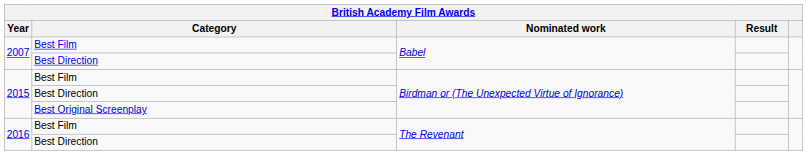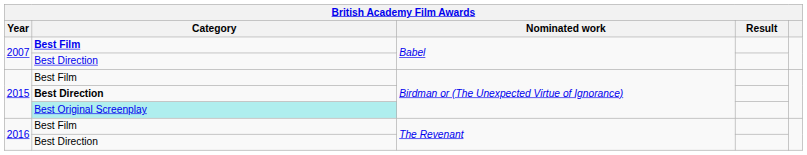 <table class="wikitable">
 <tr>
 <th colspan="5" style="text-align:center;"><a href='#'>British Academy Film Awards</a></th>
 </tr>
 <tr>
 <th scope="col" style="width:1em;">Year</th>
 <th scope="col" style="width:39em;">Category</th>
 <th scope="col" style="width:36em;">Nominated work</th>
 <th scope="col" style="width:5em;">Result</th>
 <th scope="col" style="width:1em;"></th>
 </tr>
 <tr>
 <td rowspan="2"><a href='#'>2007</a></td>
-<td><a href='#'>Best Film</a></td>
+<td><strong><a href='#'>Best Film</a></strong></td>
 <td rowspan="2"><em><a href='#'>Babel</a></em></td>
 <td></td>
 <td style="text-align:center;" rowspan="2"></td>
 </tr>
 <tr>
 <td><a href='#'>Best Direction</a></td>
 <td></td>
 </tr>
 <tr>
 <td rowspan="3"><a href='#'>2015</a></td>
 <td>Best Film</td>
 <td rowspan="3"><em><a href='#'>Birdman or (The Unexpected Virtue of Ignorance)</a></em></td>
 <td></td>
 <td style="text-align:center;" rowspan="3"></td>
 </tr>
 <tr>
-<td>Best Direction</td>
+<td><strong>Best Direction</strong></td>
 <td></td>
 </tr>
 <tr>
-<td><a href='#'>Best Original Screenplay</a></td>
+<td style="background: paleturquoise;"><a href='#'>Best Original Screenplay</a></td>
 <td></td>
 </tr>
 <tr>
 <td rowspan="2"><a href='#'>2016</a></td>
 <td>Best Film</td>
 <td rowspan="2"><em><a href='#'>The Revenant</a></em></td>
 <td></td>
 <td style="text-align:center;" rowspan="2"></td>
 </tr>
 <tr>
 <td>Best Direction</td>
 <td></td>
 </tr>
 </table>
